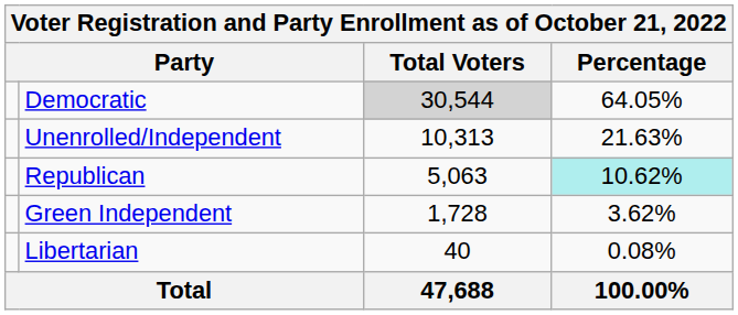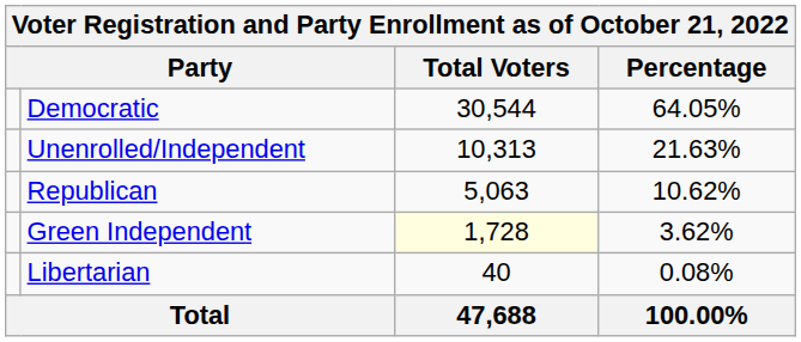 <table class=wikitable>
 <tr>
 <th colspan=6>Voter Registration and Party Enrollment as of October 21, 2022</th>
 </tr>
 <tr>
 <th colspan=2>Party</th>
 <th>Total Voters</th>
 <th>Percentage</th>
 </tr>
 <tr>
 <td></td>
 <td><a href='#'>Democratic</a></td>
-<td style="background: lightgrey; text-align:center;">30,544</td>
+<td style="text-align:center;">30,544</td>
 <td style="text-align:center;">64.05%</td>
 </tr>
 <tr>
 <td></td>
 <td><a href='#'>Unenrolled/Independent</a></td>
 <td style="text-align:center;">10,313</td>
 <td style="text-align:center;">21.63%</td>
 </tr>
 <tr>
 <td></td>
 <td><a href='#'>Republican</a></td>
 <td style="text-align:center;">5,063</td>
-<td style="background: paleturquoise; text-align:center;">10.62%</td>
+<td style="text-align:center;">10.62%</td>
 </tr>
 <tr>
 <td></td>
 <td><a href='#'>Green Independent</a></td>
-<td style="text-align:center;">1,728</td>
+<td style="background: lightyellow; text-align:center;">1,728</td>
 <td style="text-align:center;">3.62%</td>
 </tr>
 <tr>
 <td></td>
 <td><a href='#'>Libertarian</a></td>
 <td style="text-align:center;">40</td>
 <td style="text-align:center;">0.08%</td>
 </tr>
 <tr>
 <th colspan=2>Total</th>
 <th style="text-align:center;">47,688</th>
 <th style="text-align:center;">100.00%</th>
 </tr>
 </table>
